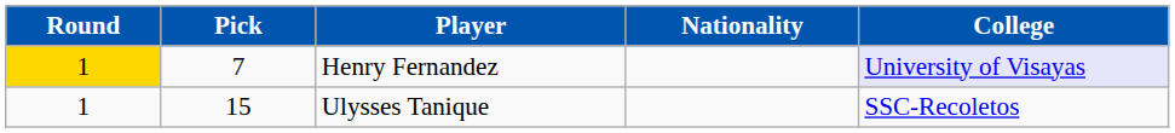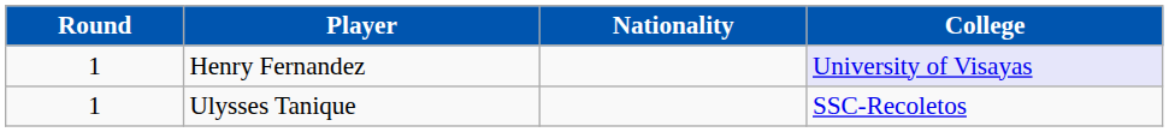 <table class="wikitable sortable sortable">
 <tr>
 <th width="10%" style="background:#0055AF; color:#FFFFFF; ">Round</th>
-<th width="10%" style="background:#0055AF; color:#FFFFFF; ">Pick</th>
 <th width="20%" style="background:#0055AF; color:#FFFFFF; ">Player</th>
 <th width="15%" style="background:#0055AF; color:#FFFFFF; ">Nationality</th>
 <th width="20%" style="background:#0055AF; color:#FFFFFF; ">College</th>
 </tr>
 <tr>
-<td align="center" style="background: gold;">1</td>
-<td align="center">7</td>
+<td align="center">1</td>
 <td>Henry Fernandez</td>
 <td></td>
 <td style="background: lavender;"><a href='#'>University of Visayas</a></td>
 </tr>
 <tr>
 <td align="center">1</td>
-<td align="center">15</td>
 <td>Ulysses Tanique</td>
 <td></td>
 <td><a href='#'>SSC-Recoletos</a></td>
 </tr>
 </table>
